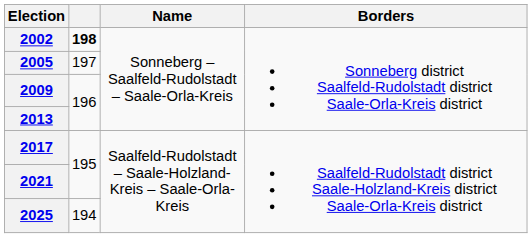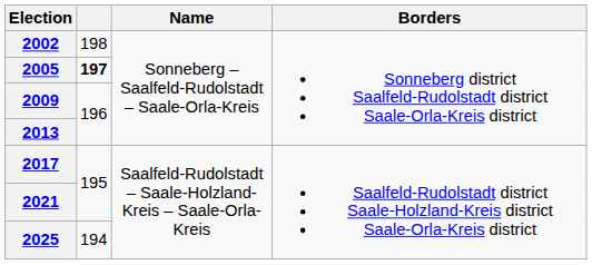 <table class=wikitable style="text-align:center">
 <tr>
 <th>Election</th>
 <th></th>
 <th width=150px>Name</th>
 <th width=300px>Borders</th>
 </tr>
 <tr>
 <th><a href='#'>2002</a></th>
-<td><strong>198</strong></td>
+<td>198</td>
 <td rowspan=4>Sonneberg – Saalfeld-Rudolstadt – Saale-Orla-Kreis</td>
 <td rowspan=4><br><ul><li><a href='#'>Sonneberg</a> district</li><li><a href='#'>Saalfeld-Rudolstadt</a> district</li><li><a href='#'>Saale-Orla-Kreis</a> district</li></ul></td>
 </tr>
 <tr>
 <th><a href='#'>2005</a></th>
-<td>197</td>
+<td><strong>197</strong></td>
 </tr>
 <tr>
 <th><a href='#'>2009</a></th>
 <td rowspan=2>196</td>
 </tr>
 <tr>
 <th><a href='#'>2013</a></th>
 </tr>
 <tr>
 <th><a href='#'>2017</a></th>
 <td rowspan=2>195</td>
 <td rowspan=3>Saalfeld-Rudolstadt – Saale-Holzland-Kreis – Saale-Orla-Kreis</td>
 <td rowspan=3><br><ul><li><a href='#'>Saalfeld-Rudolstadt</a> district</li><li><a href='#'>Saale-Holzland-Kreis</a> district</li><li><a href='#'>Saale-Orla-Kreis</a> district</li></ul></td>
 </tr>
 <tr>
 <th><a href='#'>2021</a></th>
 </tr>
 <tr>
 <th><a href='#'>2025</a></th>
 <td>194</td>
 </tr>
 </table>
